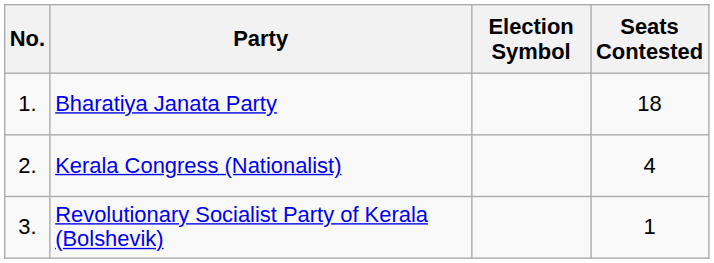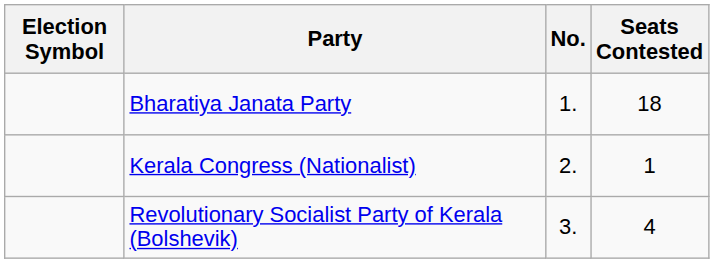 <table class="wikitable">
 <tr style="height: 50px;">
+<th scope="col" style="width:80px;">Election Symbol</th>
+<th scope="col" style="width:300px;">Party</th>
 <th scope="col" style="width:4px;">No.<br></th>
-<th scope="col" style="width:300px;">Party</th>
-<th scope="col" style="width:80px;">Election Symbol</th>
 <th scope="col" style="width:60px;">Seats Contested</th>
 </tr>
 <tr style="height: 45px;">
+<td style="text-align:center;"></td>
+<td><a href='#'>Bharatiya Janata Party</a></td>
 <td ! style="text-align:center; background:">1.</td>
-<td><a href='#'>Bharatiya Janata Party</a></td>
-<td style="text-align:center;"></td>
 <td style="text-align:center;">18</td>
 </tr>
 <tr style="height: 45px;">
+<td style="text-align:center;"></td>
+<td><a href='#'>Kerala Congress (Nationalist)</a></td>
 <td ! style="text-align:center; background:">2.</td>
-<td><a href='#'>Kerala Congress (Nationalist)</a></td>
+<td style="text-align:center;">1</td>
+</tr>
+<tr style="height: 45px;">
 <td style="text-align:center;"></td>
+<td><a href='#'>Revolutionary Socialist Party of Kerala (Bolshevik)</a></td>
+<td ! style="text-align:center; background:">3.</td>
 <td style="text-align:center;">4</td>
 </tr>
-<tr style="height: 45px;">
-<td ! style="text-align:center; background:">3.</td>
-<td><a href='#'>Revolutionary Socialist Party of Kerala (Bolshevik)</a></td>
-<td style="text-align:center;"></td>
-<td style="text-align:center;">1</td>
-</tr>
 </table>
